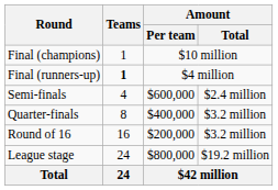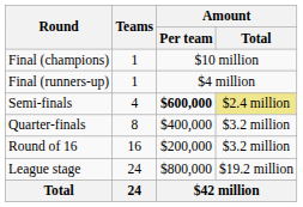 <table class="wikitable sortable" style="text-align:center;">
 <tr>
 <th rowspan="2">Round</th>
 <th rowspan="2">Teams</th>
 <th colspan="2">Amount</th>
 </tr>
 <tr>
 <th>Per team</th>
 <th>Total</th>
 </tr>
 <tr>
 <td style="text-align:left;">Final (champions)</td>
 <td>1</td>
 <td colspan="2">$10 million</td>
 </tr>
 <tr>
 <td style="text-align:left;">Final (runners-up)</td>
-<td><strong>1</strong></td>
+<td>1</td>
 <td colspan="2">$4 million</td>
 </tr>
 <tr>
 <td style="text-align:left;">Semi-finals</td>
 <td>4</td>
-<td>$600,000</td>
-<td>$2.4 million</td>
+<td><strong>$600,000</strong></td>
+<td style="background: khaki;">$2.4 million</td>
 </tr>
 <tr>
 <td style="text-align:left;">Quarter-finals</td>
 <td>8</td>
 <td>$400,000</td>
 <td>$3.2 million</td>
 </tr>
 <tr>
 <td style="text-align:left;">Round of 16</td>
 <td>16</td>
 <td>$200,000</td>
 <td>$3.2 million</td>
 </tr>
 <tr>
 <td style="text-align:left;">League stage</td>
 <td>24</td>
 <td>$800,000</td>
 <td>$19.2 million</td>
 </tr>
 <tr>
 <th>Total</th>
 <th>24</th>
 <th colspan="2">$42 million</th>
 </tr>
 </table>
